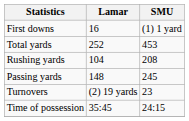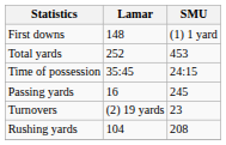 <table class="wikitable" style="float: left;">
 <tr>
 <th>Statistics</th>
 <th><strong>Lamar</strong></th>
 <th><strong>SMU</strong></th>
 </tr>
 <tr>
 <td>First downs</td>
-<td>16</td>
+<td>148</td>
 <td>(1) 1 yard</td>
 </tr>
 <tr>
 <td>Total yards</td>
 <td>252</td>
 <td>453</td>
 </tr>
 <tr>
-<td>Rushing yards</td>
-<td>104</td>
-<td>208</td>
+<td>Time of possession</td>
+<td>35:45</td>
+<td>24:15</td>
 </tr>
 <tr>
 <td>Passing yards</td>
-<td>148</td>
+<td>16</td>
 <td>245</td>
 </tr>
 <tr>
 <td>Turnovers</td>
 <td>(2) 19 yards</td>
 <td>23</td>
 </tr>
 <tr>
-<td>Time of possession</td>
-<td>35:45</td>
-<td>24:15</td>
+<td>Rushing yards</td>
+<td>104</td>
+<td>208</td>
 </tr>
 <tr>
 </tr>
 </table>
